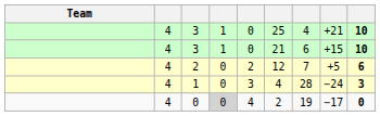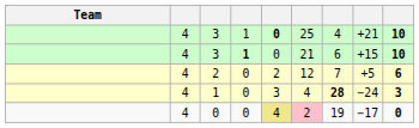 <table class="wikitable" style="text-align: center; font-size:90% ">
 <tr>
 <th width=160>Team</th>
 <th width=25></th>
 <th width=25></th>
 <th width=25></th>
 <th width=25></th>
 <th width=25></th>
 <th width=25></th>
 <th width=25></th>
 <th width=25></th>
 </tr>
 <tr bgcolor=ccffcc>
 <td align=left></td>
 <td>4</td>
 <td>3</td>
 <td>1</td>
-<td>0</td>
+<td><strong>0</strong></td>
 <td>25</td>
 <td>4</td>
 <td>+21</td>
 <td><strong>10</strong></td>
 </tr>
 <tr bgcolor=ccffcc>
 <td align=left></td>
 <td>4</td>
 <td>3</td>
-<td>1</td>
+<td><strong>1</strong></td>
 <td>0</td>
 <td>21</td>
 <td>6</td>
 <td>+15</td>
 <td><strong>10</strong></td>
 </tr>
 <tr bgcolor="#ffffcc">
 <td align=left></td>
 <td>4</td>
 <td>2</td>
 <td>0</td>
 <td>2</td>
 <td>12</td>
 <td>7</td>
 <td>+5</td>
 <td><strong>6</strong></td>
 </tr>
 <tr bgcolor="#ffffcc">
 <td align=left></td>
 <td>4</td>
 <td>1</td>
 <td>0</td>
 <td>3</td>
 <td>4</td>
-<td>28</td>
+<td><strong>28</strong></td>
 <td>−24</td>
 <td><strong>3</strong></td>
 </tr>
 <tr>
 <td align=left></td>
 <td>4</td>
 <td>0</td>
-<td style="background: lightgrey;">0</td>
-<td>4</td>
-<td>2</td>
+<td>0</td>
+<td style="background: khaki;">4</td>
+<td style="background: pink;">2</td>
 <td>19</td>
 <td>−17</td>
 <td><strong>0</strong></td>
 </tr>
 </table>
